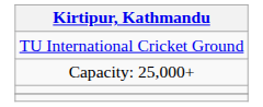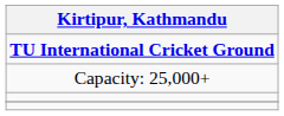 <table class="wikitable" style="text-align:center;margin:auto">
 <tr>
 <th><a href='#'>Kirtipur, Kathmandu</a></th>
 </tr>
 <tr>
-<td><a href='#'>TU International Cricket Ground</a></td>
+<td><strong><a href='#'>TU International Cricket Ground</a></strong></td>
 </tr>
 <tr>
 <td>Capacity: 25,000+</td>
 </tr>
 <tr>
 <td></td>
 </tr>
 <tr>
 </tr>
 <tr style="border:0 solid #777; text-align: center;">
 <td></td>
 </tr>
 </table>
